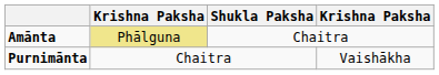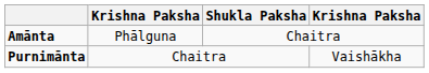 <table class="wikitable">
 <tr>
 <th></th>
 <th>Krishna Paksha</th>
 <th>Shukla Paksha</th>
 <th>Krishna Paksha</th>
 </tr>
 <tr style="text-align:center">
 <td style="text-align:left"><strong>Amānta</strong></td>
-<td style="background: khaki;">Phālguna</td>
+<td>Phālguna</td>
 <td colspan="2">Chaitra</td>
 </tr>
 <tr style="text-align:center">
 <td style="text-align:left"><strong>Purnimānta</strong></td>
 <td colspan="2">Chaitra</td>
 <td>Vaishākha</td>
 </tr>
 </table>
